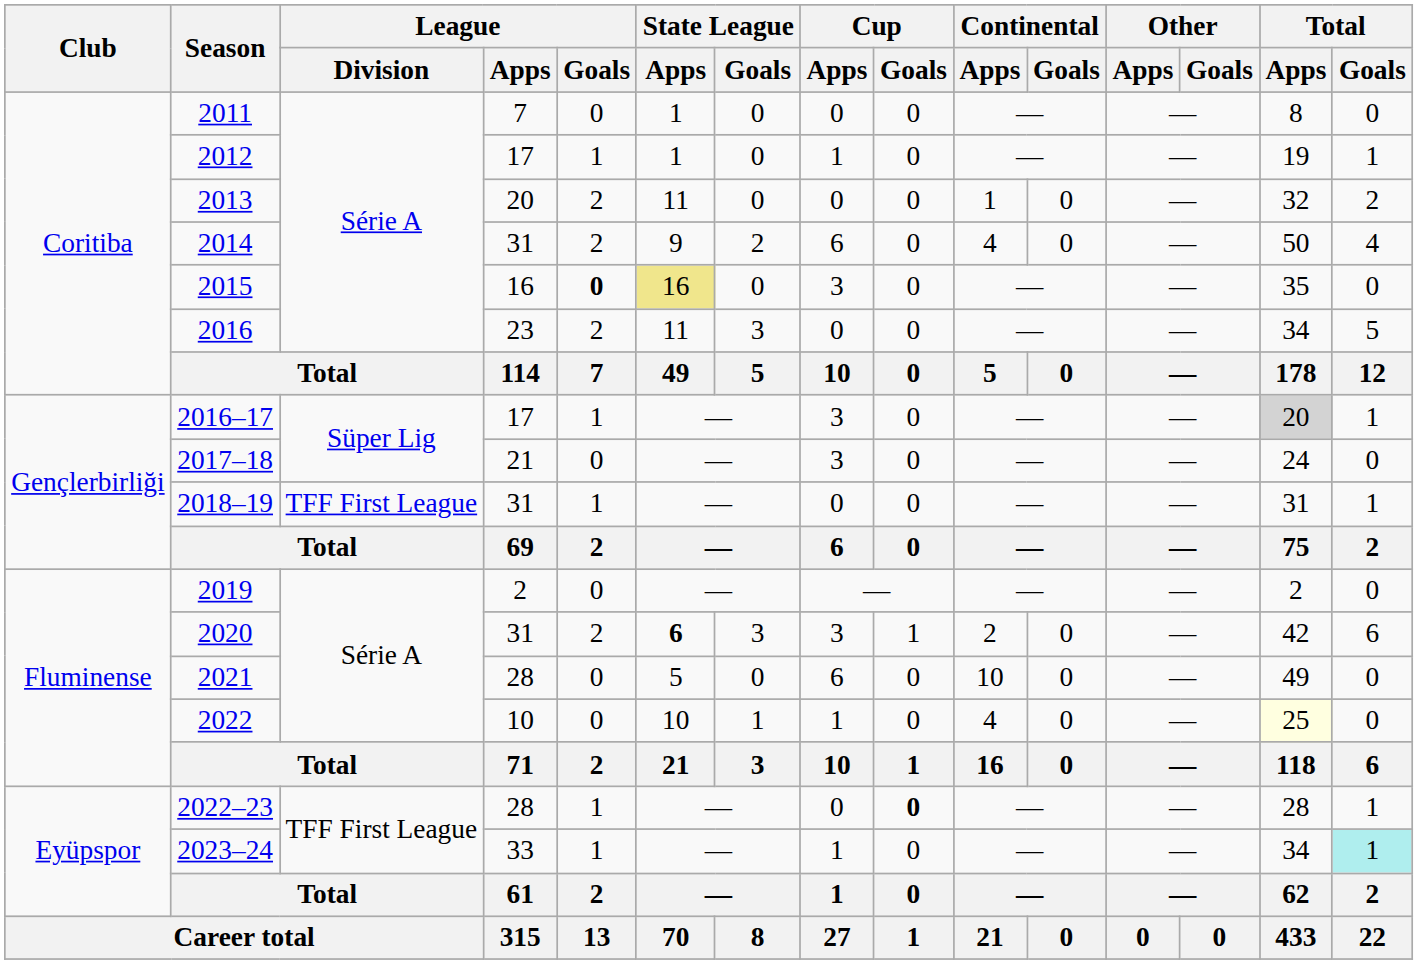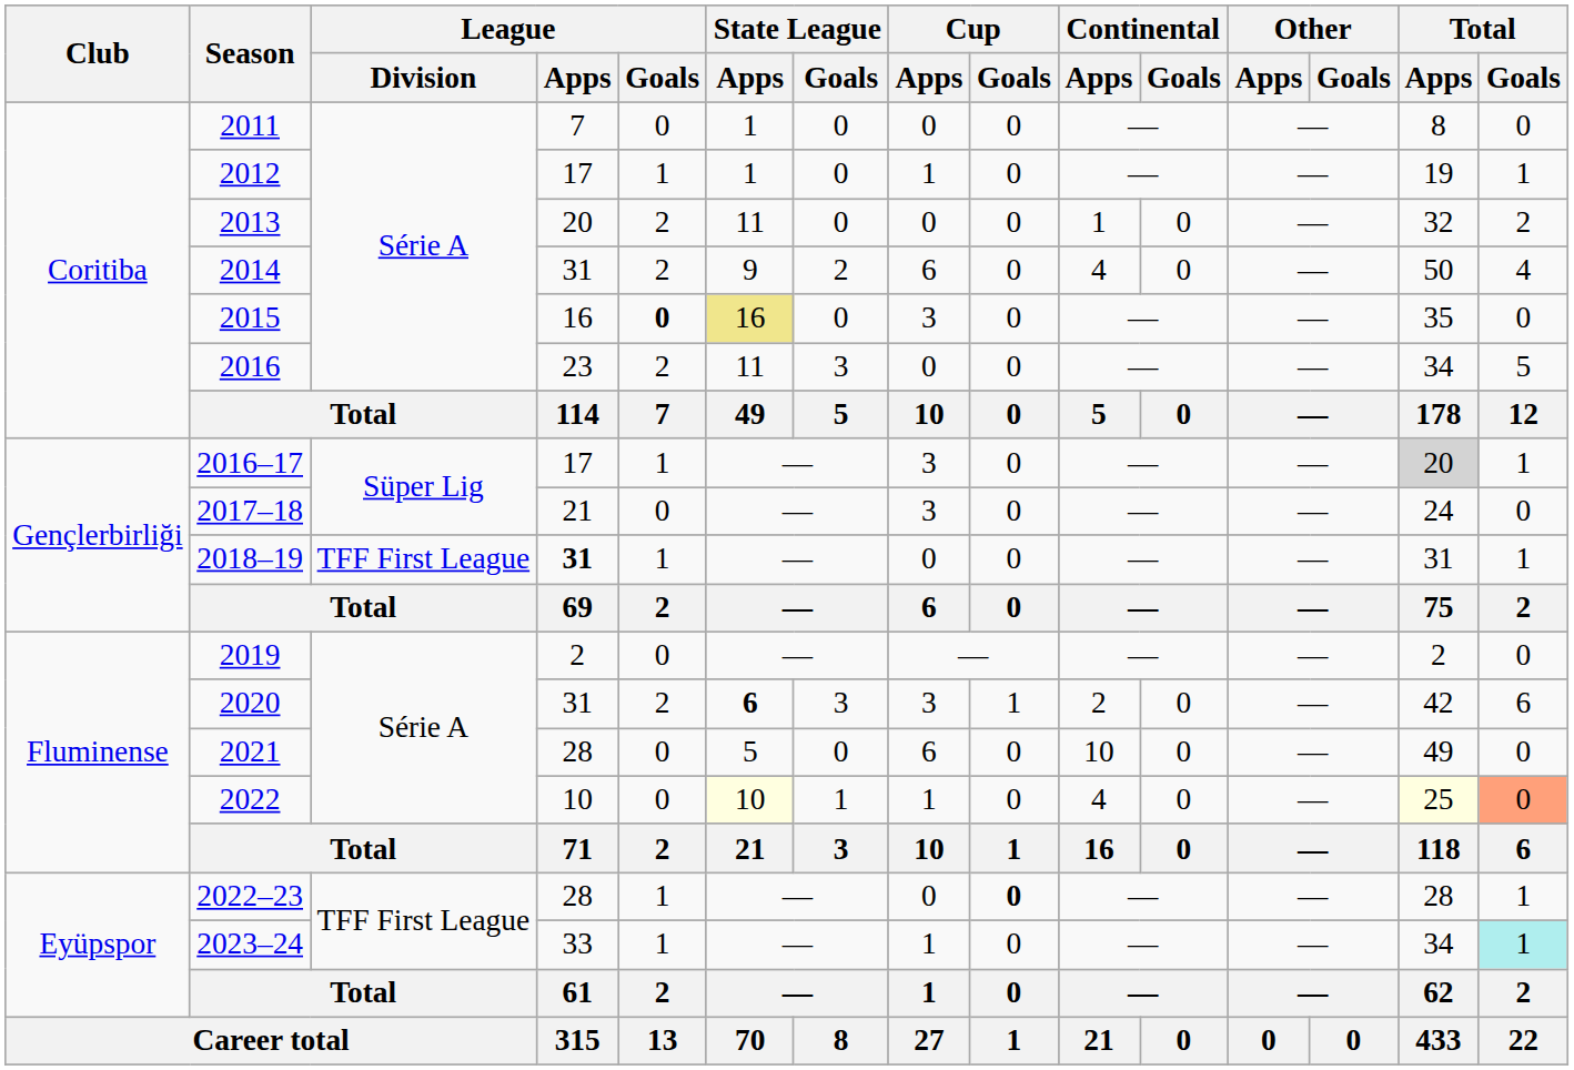 <table class="wikitable" style="text-align:center">
 <tr>
 <th rowspan="2">Club</th>
 <th rowspan="2">Season</th>
 <th colspan="3">League</th>
 <th colspan="2">State League</th>
 <th colspan="2">Cup</th>
 <th colspan="2">Continental</th>
 <th colspan="2">Other</th>
 <th colspan="2">Total</th>
 </tr>
 <tr>
 <th>Division</th>
 <th>Apps</th>
 <th>Goals</th>
 <th>Apps</th>
 <th>Goals</th>
 <th>Apps</th>
 <th>Goals</th>
 <th>Apps</th>
 <th>Goals</th>
 <th>Apps</th>
 <th>Goals</th>
 <th>Apps</th>
 <th>Goals</th>
 </tr>
 <tr>
 <td rowspan="7"><a href='#'>Coritiba</a></td>
 <td><a href='#'>2011</a></td>
 <td rowspan="6"><a href='#'>Série A</a></td>
 <td>7</td>
 <td>0</td>
 <td>1</td>
 <td>0</td>
 <td>0</td>
 <td>0</td>
 <td colspan="2">—</td>
 <td colspan="2">—</td>
 <td>8</td>
 <td>0</td>
 </tr>
 <tr>
 <td><a href='#'>2012</a></td>
 <td>17</td>
 <td>1</td>
 <td>1</td>
 <td>0</td>
 <td>1</td>
 <td>0</td>
 <td colspan="2">—</td>
 <td colspan="2">—</td>
 <td>19</td>
 <td>1</td>
 </tr>
 <tr>
 <td><a href='#'>2013</a></td>
 <td>20</td>
 <td>2</td>
 <td>11</td>
 <td>0</td>
 <td>0</td>
 <td>0</td>
 <td>1</td>
 <td>0</td>
 <td colspan="2">—</td>
 <td>32</td>
 <td>2</td>
 </tr>
 <tr>
 <td><a href='#'>2014</a></td>
 <td>31</td>
 <td>2</td>
 <td>9</td>
 <td>2</td>
 <td>6</td>
 <td>0</td>
 <td>4</td>
 <td>0</td>
 <td colspan="2">—</td>
 <td>50</td>
 <td>4</td>
 </tr>
 <tr>
 <td><a href='#'>2015</a></td>
 <td>16</td>
 <td><strong>0</strong></td>
 <td style="background: khaki;">16</td>
 <td>0</td>
 <td>3</td>
 <td>0</td>
 <td colspan="2">—</td>
 <td colspan="2">—</td>
 <td>35</td>
 <td>0</td>
 </tr>
 <tr>
 <td><a href='#'>2016</a></td>
 <td>23</td>
 <td>2</td>
 <td>11</td>
 <td>3</td>
 <td>0</td>
 <td>0</td>
 <td colspan="2">—</td>
 <td colspan="2">—</td>
 <td>34</td>
 <td>5</td>
 </tr>
 <tr>
 <th colspan="2">Total</th>
 <th>114</th>
 <th>7</th>
 <th>49</th>
 <th>5</th>
 <th>10</th>
 <th>0</th>
 <th>5</th>
 <th>0</th>
 <th colspan="2">—</th>
 <th>178</th>
 <th>12</th>
 </tr>
 <tr>
 <td rowspan="4"><a href='#'>Gençlerbirliği</a></td>
 <td><a href='#'>2016–17</a></td>
 <td rowspan=2><a href='#'>Süper Lig</a></td>
 <td>17</td>
 <td>1</td>
 <td colspan="2">—</td>
 <td>3</td>
 <td>0</td>
 <td colspan="2">—</td>
 <td colspan="2">—</td>
 <td style="background: lightgrey;">20</td>
 <td>1</td>
 </tr>
 <tr>
 <td><a href='#'>2017–18</a></td>
 <td>21</td>
 <td>0</td>
 <td colspan="2">—</td>
 <td>3</td>
 <td>0</td>
 <td colspan="2">—</td>
 <td colspan="2">—</td>
 <td>24</td>
 <td>0</td>
 </tr>
 <tr>
 <td><a href='#'>2018–19</a></td>
 <td><a href='#'>TFF First League</a></td>
-<td>31</td>
+<td><strong>31</strong></td>
 <td>1</td>
 <td colspan="2">—</td>
 <td>0</td>
 <td>0</td>
 <td colspan="2">—</td>
 <td colspan="2">—</td>
 <td>31</td>
 <td>1</td>
 </tr>
 <tr>
 <th colspan="2">Total</th>
 <th>69</th>
 <th>2</th>
 <th colspan="2">—</th>
 <th>6</th>
 <th>0</th>
 <th colspan="2">—</th>
 <th colspan="2">—</th>
 <th>75</th>
 <th>2</th>
 </tr>
 <tr>
 <td rowspan="5"><a href='#'>Fluminense</a></td>
 <td><a href='#'>2019</a></td>
 <td rowspan="4">Série A</td>
 <td>2</td>
 <td>0</td>
 <td colspan="2">—</td>
 <td colspan="2">—</td>
 <td colspan="2">—</td>
 <td colspan="2">—</td>
 <td>2</td>
 <td>0</td>
 </tr>
 <tr>
 <td><a href='#'>2020</a></td>
 <td>31</td>
 <td>2</td>
 <td><strong>6</strong></td>
 <td>3</td>
 <td>3</td>
 <td>1</td>
 <td>2</td>
 <td>0</td>
 <td colspan="2">—</td>
 <td>42</td>
 <td>6</td>
 </tr>
 <tr>
 <td><a href='#'>2021</a></td>
 <td>28</td>
 <td>0</td>
 <td>5</td>
 <td>0</td>
 <td>6</td>
 <td>0</td>
 <td>10</td>
 <td>0</td>
 <td colspan="2">—</td>
 <td>49</td>
 <td>0</td>
 </tr>
 <tr>
 <td><a href='#'>2022</a></td>
 <td>10</td>
 <td>0</td>
-<td>10</td>
+<td style="background: lightyellow;">10</td>
 <td>1</td>
 <td>1</td>
 <td>0</td>
 <td>4</td>
 <td>0</td>
 <td colspan="2">—</td>
 <td style="background: lightyellow;">25</td>
-<td>0</td>
+<td style="background: lightsalmon;">0</td>
 </tr>
 <tr>
 <th colspan="2">Total</th>
 <th>71</th>
 <th>2</th>
 <th>21</th>
 <th>3</th>
 <th>10</th>
 <th>1</th>
 <th>16</th>
 <th>0</th>
 <th colspan="2">—</th>
 <th>118</th>
 <th>6</th>
 </tr>
 <tr>
 <td rowspan="3"><a href='#'>Eyüpspor</a></td>
 <td><a href='#'>2022–23</a></td>
 <td rowspan="2">TFF First League</td>
 <td>28</td>
 <td>1</td>
 <td colspan="2">—</td>
 <td>0</td>
 <td><strong>0</strong></td>
 <td colspan="2">—</td>
 <td colspan="2">—</td>
 <td>28</td>
 <td>1</td>
 </tr>
 <tr>
 <td><a href='#'>2023–24</a></td>
 <td>33</td>
 <td>1</td>
 <td colspan="2">—</td>
 <td>1</td>
 <td>0</td>
 <td colspan="2">—</td>
 <td colspan="2">—</td>
 <td>34</td>
 <td style="background: paleturquoise;">1</td>
 </tr>
 <tr>
 <th colspan="2">Total</th>
 <th>61</th>
 <th>2</th>
 <th colspan="2">—</th>
 <th>1</th>
 <th>0</th>
 <th colspan="2">—</th>
 <th colspan="2">—</th>
 <th>62</th>
 <th>2</th>
 </tr>
 <tr>
 <th colspan="3">Career total</th>
 <th>315</th>
 <th>13</th>
 <th>70</th>
 <th>8</th>
 <th>27</th>
 <th>1</th>
 <th>21</th>
 <th>0</th>
 <th>0</th>
 <th>0</th>
 <th>433</th>
 <th>22</th>
 </tr>
 </table>
